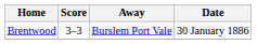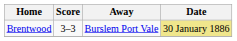 <table class="wikitable">
 <tr>
 <th>Home</th>
 <th>Score</th>
 <th>Away</th>
 <th>Date</th>
 </tr>
 <tr>
 <td><a href='#'>Brentwood</a></td>
 <td align=center>3–3</td>
 <td><a href='#'>Burslem Port Vale</a></td>
-<td>30 January 1886</td>
+<td style="background: khaki;">30 January 1886</td>
 </tr>
 <tr>
 </tr>
 </table>
